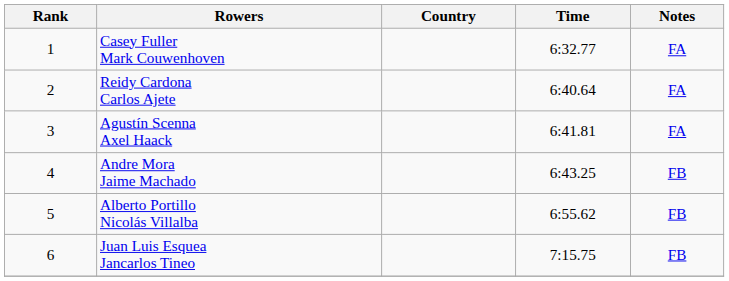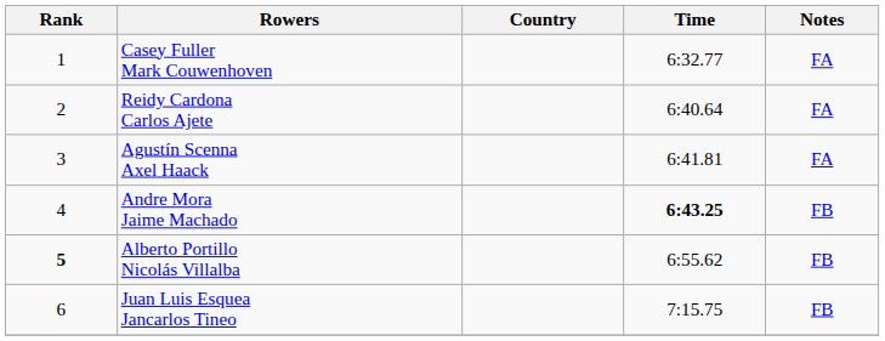 <table class="wikitable" width=60% style="text-align:center">
 <tr>
 <th>Rank</th>
 <th>Rowers</th>
 <th>Country</th>
 <th>Time</th>
 <th>Notes</th>
 </tr>
 <tr>
 <td>1</td>
 <td align=left><a href='#'>Casey Fuller</a><br><a href='#'>Mark Couwenhoven</a></td>
 <td align=left></td>
 <td>6:32.77</td>
 <td><a href='#'>FA</a></td>
 </tr>
 <tr>
 <td>2</td>
 <td align=left><a href='#'>Reidy Cardona</a><br><a href='#'>Carlos Ajete</a></td>
 <td align=left></td>
 <td>6:40.64</td>
 <td><a href='#'>FA</a></td>
 </tr>
 <tr>
 <td>3</td>
 <td align=left><a href='#'>Agustín Scenna</a><br><a href='#'>Axel Haack</a></td>
 <td align=left></td>
 <td>6:41.81</td>
 <td><a href='#'>FA</a></td>
 </tr>
 <tr>
 <td>4</td>
 <td align=left><a href='#'>Andre Mora</a><br><a href='#'>Jaime Machado</a></td>
 <td align=left></td>
-<td>6:43.25</td>
+<td><strong>6:43.25</strong></td>
 <td><a href='#'>FB</a></td>
 </tr>
 <tr>
-<td>5</td>
+<td><strong>5</strong></td>
 <td align=left><a href='#'>Alberto Portillo</a><br><a href='#'>Nicolás Villalba</a></td>
 <td align=left></td>
 <td>6:55.62</td>
 <td><a href='#'>FB</a></td>
 </tr>
 <tr>
 <td>6</td>
 <td align=left><a href='#'>Juan Luis Esquea</a><br><a href='#'>Jancarlos Tineo</a></td>
 <td align=left></td>
 <td>7:15.75</td>
 <td><a href='#'>FB</a></td>
 </tr>
 <tr>
 </tr>
 </table>
